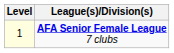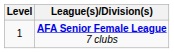 <table class="wikitable" style="text-align: center;">
 <tr>
 <th>Level</th>
 <th colspan="12">League(s)/Division(s)</th>
 </tr>
 <tr>
-<td style="background: lightyellow;">1</td>
+<td>1</td>
 <td colspan="12"><strong><a href='#'>AFA Senior Female League</a></strong><br><em>7 clubs</em></td>
 </tr>
 </table>
